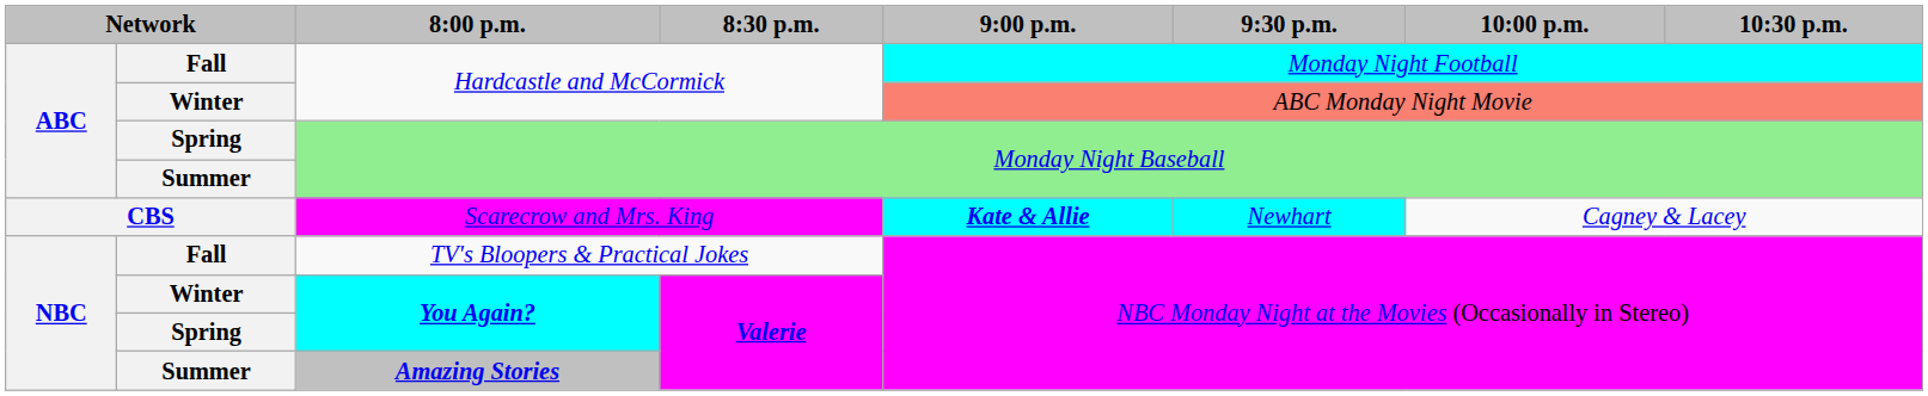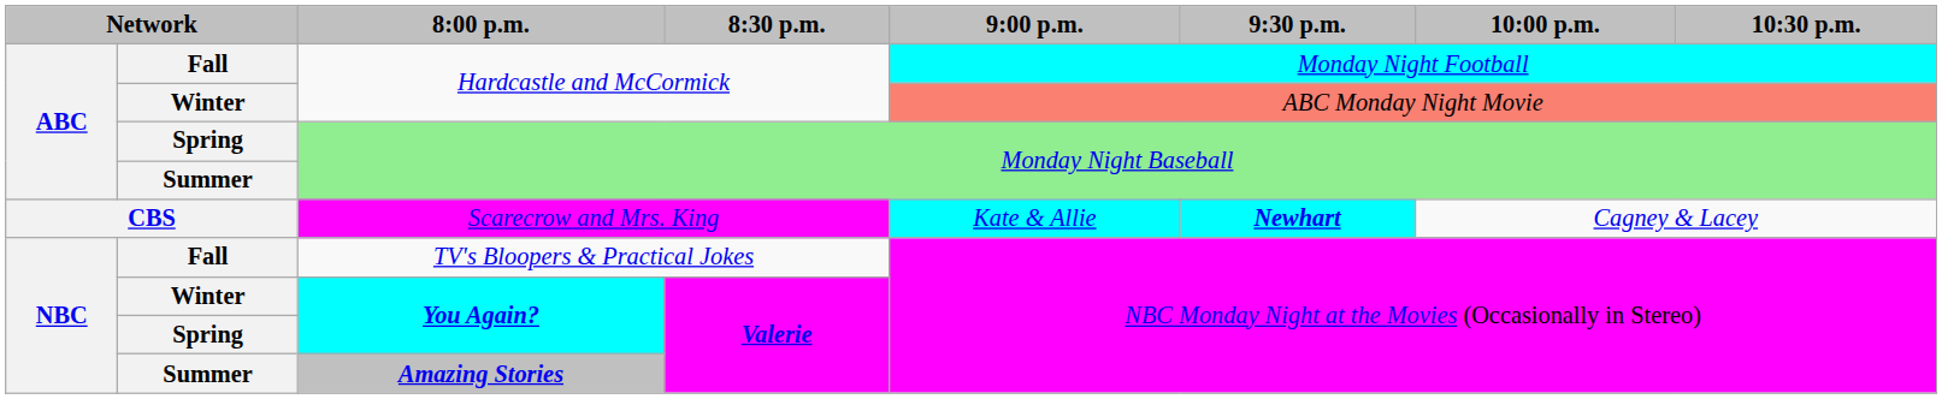 <table class="wikitable" style="width:100%;margin-right:0;text-align:center">
 <tr>
 <th colspan="2" style="background-color:#C0C0C0;text-align:center">Network</th>
 <th style="background-color:#C0C0C0;text-align:center">8:00 p.m.</th>
 <th style="background-color:#C0C0C0;text-align:center">8:30 p.m.</th>
 <th style="background-color:#C0C0C0;text-align:center">9:00 p.m.</th>
 <th style="background-color:#C0C0C0;text-align:center">9:30 p.m.</th>
 <th style="background-color:#C0C0C0;text-align:center">10:00 p.m.</th>
 <th style="background-color:#C0C0C0;text-align:center">10:30 p.m.</th>
 </tr>
 <tr>
 <th rowspan="4"><a href='#'>ABC</a></th>
 <th>Fall</th>
 <td rowspan="2" colspan="2"><em><a href='#'>Hardcastle and McCormick</a></em></td>
 <td style="background:#00FFFF;" colspan="4"><em><a href='#'>Monday Night Football</a></em> </td>
 </tr>
 <tr>
 <th>Winter</th>
 <td colspan="4" style="background:#FA8072;"><em>ABC Monday Night Movie</em></td>
 </tr>
 <tr>
 <th>Spring</th>
 <td rowspan="2" colspan="6" style="background:lightgreen;"><em><a href='#'>Monday Night Baseball</a></em></td>
 </tr>
 <tr>
 <th>Summer</th>
 </tr>
 <tr>
 <th colspan="2"><a href='#'>CBS</a></th>
 <td style="background:#FF00FF;" colspan="2"><em><a href='#'>Scarecrow and Mrs. King</a></em> </td>
-<td style="background:#00FFFF;"><strong><em><a href='#'>Kate & Allie</a></em> </strong></td>
-<td style="background:#00FFFF;"><em><a href='#'>Newhart</a></em> </td>
+<td style="background:#00FFFF;"><em><a href='#'>Kate & Allie</a></em> </td>
+<td style="background:#00FFFF;"><strong><em><a href='#'>Newhart</a></em> </strong></td>
 <td colspan="2"><em><a href='#'>Cagney & Lacey</a></em></td>
 </tr>
 <tr>
 <th rowspan="4"><a href='#'>NBC</a></th>
 <th>Fall</th>
 <td colspan="2"><em><a href='#'>TV's Bloopers & Practical Jokes</a></em></td>
 <td style="background:#FF00FF;" rowspan="4" colspan="4"><em><a href='#'>NBC Monday Night at the Movies</a></em> (Occasionally in Stereo) </td>
 </tr>
 <tr>
 <th>Winter</th>
 <td style="background:#00FFFF;" rowspan="2"><strong><em><a href='#'>You Again?</a></em></strong> </td>
 <td style="background:#FF00FF;" rowspan="3"><strong><em><a href='#'>Valerie</a></em></strong> </td>
 </tr>
 <tr>
 <th>Spring</th>
 </tr>
 <tr>
 <th>Summer</th>
 <td style="background:#C0C0C0;"><strong><em><a href='#'>Amazing Stories</a></em></strong> </td>
 </tr>
 </table>
